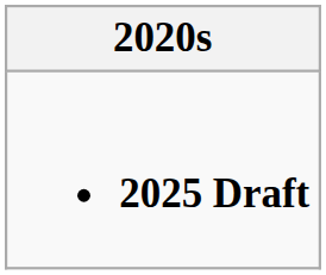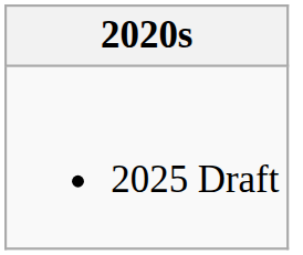 <table class="wikitable">
 <tr>
 <th>2020s</th>
 </tr>
 <tr>
-<td><strong><br><ul><li>2025	Draft</li></ul></strong></td>
+<td><br><ul><li>2025	Draft</li></ul></td>
 </tr>
 </table>
